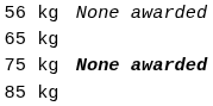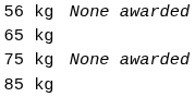 <table>
 <tr>
 <td>56 kg</td>
 <td></td>
 <td></td>
 <td><em>None awarded</em></td>
 </tr>
 <tr>
 <td>65 kg</td>
 <td></td>
 <td></td>
 <td></td>
 </tr>
 <tr>
 <td>75 kg</td>
 <td></td>
 <td></td>
-<td><strong><em>None awarded</em></strong></td>
+<td><em>None awarded</em></td>
 </tr>
 <tr>
 <td>85 kg</td>
 <td></td>
 <td></td>
 <td></td>
 </tr>
 </table>
